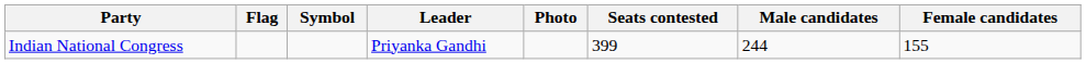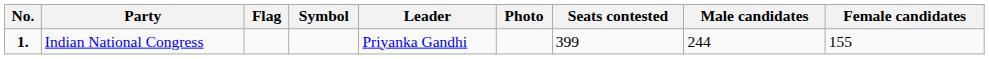 <table class="wikitable" style="width:80%">
 <tr>
+<th>No.</th>
 <th>Party</th>
 <th>Flag</th>
 <th>Symbol</th>
 <th>Leader</th>
 <th>Photo</th>
 <th>Seats contested</th>
 <th>Male candidates</th>
 <th>Female candidates</th>
 </tr>
 <tr>
+<td ! style="text-align:center; background:"><strong>1.</strong></td>
 <td><a href='#'>Indian National Congress</a></td>
 <td></td>
 <td></td>
 <td><a href='#'>Priyanka Gandhi</a></td>
 <td></td>
 <td>399</td>
 <td>244</td>
 <td>155</td>
 </tr>
 </table>
